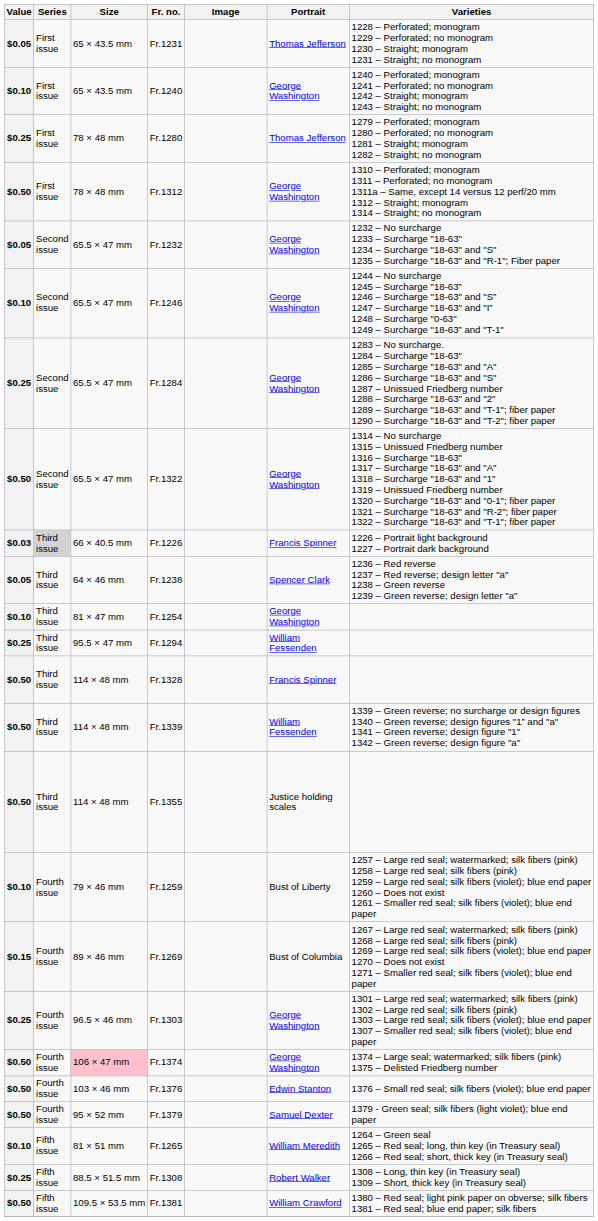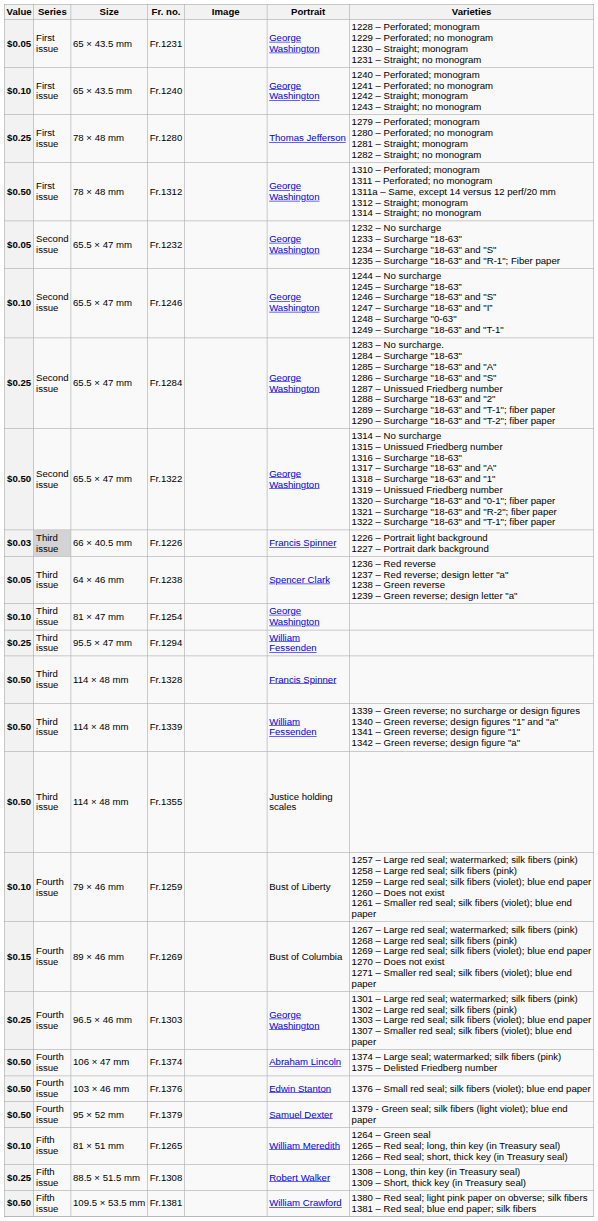 <table class="wikitable sortable">
 <tr>
 <th scope="col" style="width:40px;">Value</th>
 <th scope="col" style="width:40px; ">Series</th>
 <th scope="col" style="width:60px;">Size</th>
 <th scope="col" style="width:40px;">Fr. no.</th>
 <th scope="col" style="width:130px;" class="unsortable">Image</th>
 <th scope="col" style="width:130px;">Portrait</th>
 <th scope="col" style="width:400px;">Varieties</th>
 </tr>
 <tr>
 <th scope="row" data-sort-value="0.05">$0.05</th>
 <td data-sort-value="1862-08-21">First issue</td>
 <td data-sort-value="2827.5">65 × 43.5 mm</td>
 <td>Fr.1231</td>
 <td></td>
-<td data-sort-value="Jefferson1"><a href='#'>Thomas Jefferson</a></td>
+<td data-sort-value="Washington1"><a href='#'>George Washington</a></td>
 <td>1228 – Perforated; monogram<br>1229 – Perforated; no monogram<br>1230 – Straight; monogram<br>1231 – Straight; no monogram</td>
 </tr>
 <tr>
 <th scope="row" data-sort-value="0.10">$0.10</th>
 <td data-sort-value="1862-08-21">First issue</td>
 <td data-sort-value="2827.5">65 × 43.5 mm</td>
 <td>Fr.1240</td>
 <td></td>
 <td data-sort-value="Washington1"><a href='#'>George Washington</a></td>
 <td>1240 – Perforated; monogram<br>1241 – Perforated; no monogram<br>1242 – Straight; monogram<br>1243 – Straight; no monogram</td>
 </tr>
 <tr>
 <th scope="row" data-sort-value="0.25">$0.25</th>
 <td data-sort-value="1862-08-21">First issue</td>
 <td data-sort-value="2947.5">78 × 48 mm</td>
 <td>Fr.1280</td>
 <td></td>
 <td data-sort-value="Jefferson2"><a href='#'>Thomas Jefferson</a></td>
 <td>1279 – Perforated; monogram<br>1280 – Perforated; no monogram<br>1281 – Straight; monogram<br>1282 – Straight; no monogram</td>
 </tr>
 <tr>
 <th scope="row" data-sort-value="0.50">$0.50</th>
 <td data-sort-value="1862-08-21">First issue</td>
 <td data-sort-value="2947.5">78 × 48 mm</td>
 <td>Fr.1312</td>
 <td></td>
 <td data-sort-value="Washington2"><a href='#'>George Washington</a></td>
 <td>1310 – Perforated; monogram<br>1311 – Perforated; no monogram<br>1311a – Same, except 14 versus 12 perf/20 mm<br>1312 – Straight; monogram<br>1314 – Straight; no monogram</td>
 </tr>
 <tr>
 <th scope="row" data-sort-value="0.05">$0.05</th>
 <td data-sort-value="1863-10-10">Second issue</td>
 <td data-sort-value="3078.5">65.5 × 47 mm</td>
 <td>Fr.1232</td>
 <td></td>
 <td data-sort-value="Washington3"><a href='#'>George Washington</a></td>
 <td>1232 – No surcharge<br>1233 – Surcharge "18-63"<br>1234 – Surcharge "18-63" and "S"<br>1235 – Surcharge "18-63" and "R-1"; Fiber paper</td>
 </tr>
 <tr>
 <th scope="row" data-sort-value="0.10">$0.10</th>
 <td data-sort-value="1863-10-10">Second issue</td>
 <td data-sort-value="3078.5">65.5 × 47 mm</td>
 <td>Fr.1246</td>
 <td></td>
 <td data-sort-value="Washington4"><a href='#'>George Washington</a></td>
 <td>1244 – No surcharge<br>1245 – Surcharge "18-63”<br>1246 – Surcharge "18-63" and "S”<br>1247 – Surcharge "18-63" and "I”<br>1248 – Surcharge "0-63"<br>1249 – Surcharge "18-63” and "T-1"</td>
 </tr>
 <tr>
 <th scope="row" data-sort-value="0.25">$0.25</th>
 <td data-sort-value="1863-10-10">Second issue</td>
 <td data-sort-value="3078.5">65.5 × 47 mm</td>
 <td>Fr.1284</td>
 <td></td>
 <td data-sort-value="Washington5"><a href='#'>George Washington</a></td>
 <td>1283 – No surcharge.<br>1284 – Surcharge "18-63"<br>1285 – Surcharge "18-63" and "A"<br>1286 – Surcharge "18-63" and "S"<br>1287 – Unissued Friedberg number<br>1288 – Surcharge "18-63" and "2"<br>1289 – Surcharge "18-63" and "T-1"; fiber paper<br>1290 – Surcharge "18-63" and "T-2"; fiber paper</td>
 </tr>
 <tr>
 <th scope="row" data-sort-value="0.50">$0.50</th>
 <td data-sort-value="1863-10-10">Second issue</td>
 <td data-sort-value="3078.5">65.5 × 47 mm</td>
 <td>Fr.1322</td>
 <td></td>
 <td data-sort-value="Washington6"><a href='#'>George Washington</a></td>
 <td>1314 – No surcharge<br>1315 – Unissued Friedberg number<br>1316 – Surcharge "18-63"<br>1317 – Surcharge "18-63" and "A"<br>1318 – Surcharge "18-63" and "1"<br>1319 – Unissued Friedberg number<br>1320 – Surcharge "18-63" and "0-1"; fiber paper<br>1321 – Surcharge "18-63" and "R-2"; fiber paper<br>1322 – Surcharge "18-63" and "T-1"; fiber paper</td>
 </tr>
 <tr>
 <th scope="row" data-sort-value="0.03">$0.03</th>
 <td data-sort-value="1864-12-05" style="background: lightgrey;">Third issue</td>
 <td data-sort-value="2673">66 × 40.5 mm</td>
 <td>Fr.1226</td>
 <td></td>
 <td data-sort-value="Spinner1"><a href='#'>Francis Spinner</a></td>
 <td>1226 – Portrait light background<br>1227 – Portrait dark background</td>
 </tr>
 <tr>
 <th scope="row" data-sort-value="0.05">$0.05</th>
 <td data-sort-value="1864-12-05">Third issue</td>
 <td data-sort-value="2944">64 × 46 mm</td>
 <td>Fr.1238</td>
 <td></td>
 <td data-sort-value="Clark"><a href='#'>Spencer Clark</a></td>
 <td>1236 – Red reverse<br>1237 – Red reverse; design letter "a"<br>1238 – Green reverse<br>1239 – Green reverse; design letter "a"</td>
 </tr>
 <tr>
 <th scope="row" data-sort-value="0.10">$0.10</th>
 <td data-sort-value="1864-12-05">Third issue</td>
 <td data-sort-value="3807">81 × 47 mm</td>
 <td>Fr.1254</td>
 <td></td>
 <td data-sort-value="Washington8"><a href='#'>George Washington</a></td>
 <td><br></td>
 </tr>
 <tr>
 <th scope="row" data-sort-value="0.25">$0.25</th>
 <td data-sort-value="1864-12-05">Third issue</td>
 <td data-sort-value="4488.5">95.5 × 47 mm</td>
 <td>Fr.1294</td>
 <td></td>
 <td data-sort-value="Fessenden"><a href='#'>William Fessenden</a></td>
 <td><br></td>
 </tr>
 <tr>
 <th scope="row" data-sort-value="0.50">$0.50</th>
 <td data-sort-value="1864-12-05">Third issue</td>
 <td data-sort-value="5472">114 × 48 mm</td>
 <td>Fr.1328</td>
 <td></td>
 <td data-sort-value="Spinner1"><a href='#'>Francis Spinner</a></td>
 <td><br><br><br> <br></td>
 </tr>
 <tr>
 <th scope="row" data-sort-value="0.50">$0.50</th>
 <td data-sort-value="1864-12-05">Third issue</td>
 <td data-sort-value="5472">114 × 48 mm</td>
 <td>Fr.1339</td>
 <td></td>
 <td data-sort-value="Fessenden"><a href='#'>William Fessenden</a></td>
 <td>1339 – Green reverse; no surcharge or design figures<br>1340 – Green reverse; design figures "1” and "a"<br>1341 – Green reverse; design figure "1"<br>1342 – Green reverse; design figure "a"</td>
 </tr>
 <tr>
 <th scope="row" data-sort-value="0.50">$0.50</th>
 <td data-sort-value="1864-12-05">Third issue</td>
 <td data-sort-value="5472">114 × 48 mm</td>
 <td>Fr.1355</td>
 <td></td>
 <td data-sort-value="Justice">Justice holding scales</td>
 <td><br><br><br><br><br><br> <br> <br><br></td>
 </tr>
 <tr>
 <th scope="row" data-sort-value="0.10">$0.10</th>
 <td data-sort-value="1869-07-14">Fourth issue</td>
 <td data-sort-value="3634">79 × 46 mm</td>
 <td>Fr.1259</td>
 <td></td>
 <td data-sort-value="Liberty">Bust of Liberty</td>
 <td>1257 – Large red seal; watermarked; silk fibers (pink)<br>1258 – Large red seal; silk fibers (pink)<br>1259 – Large red seal; silk fibers (violet); blue end paper<br>1260 – Does not exist<br>1261 – Smaller red seal; silk fibers (violet); blue end paper</td>
 </tr>
 <tr>
 <th scope="row" data-sort-value="0.15">$0.15</th>
 <td data-sort-value="1869-07-14">Fourth issue</td>
 <td data-sort-value="4094">89 × 46 mm</td>
 <td>Fr.1269</td>
 <td></td>
 <td data-sort-value="Columbia">Bust of Columbia</td>
 <td>1267 – Large red seal; watermarked; silk fibers (pink)<br>1268 – Large red seal; silk fibers (pink)<br>1269 – Large red seal; silk fibers (violet); blue end paper<br>1270 – Does not exist<br>1271 – Smaller red seal; silk fibers (violet); blue end paper</td>
 </tr>
 <tr>
 <th scope="row" data-sort-value="0.25">$0.25</th>
 <td data-sort-value="1869-07-14">Fourth issue</td>
 <td data-sort-value="4439">96.5 × 46 mm</td>
 <td>Fr.1303</td>
 <td></td>
 <td data-sort-value="Washington9"><a href='#'>George Washington</a></td>
 <td>1301 – Large red seal; watermarked; silk fibers (pink)<br>1302 – Large red seal; silk fibers (pink)<br>1303 – Large red seal; silk fibers (violet); blue end paper<br>1307 – Smaller red seal; silk fibers (violet); blue end paper</td>
 </tr>
 <tr>
 <th scope="row" data-sort-value="0.50">$0.50</th>
 <td data-sort-value="1869-07-14">Fourth issue</td>
-<td data-sort-value="4982" style="background: pink;">106 × 47 mm</td>
+<td data-sort-value="4982">106 × 47 mm</td>
 <td>Fr.1374</td>
 <td></td>
-<td data-sort-value="Washington2"><a href='#'>George Washington</a></td>
+<td data-sort-value="Lincoln"><a href='#'>Abraham Lincoln</a></td>
 <td>1374 – Large seal; watermarked; silk fibers (pink)<br>1375 – Delisted Friedberg number</td>
 </tr>
 <tr>
 <th scope="row" data-sort-value="0.50">$0.50</th>
 <td data-sort-value="1869-07-14">Fourth issue</td>
 <td data-sort-value="4738">103 × 46 mm</td>
 <td>Fr.1376</td>
 <td></td>
 <td data-sort-value="Stanton"><a href='#'>Edwin Stanton</a></td>
 <td>1376 – Small red seal; silk fibers (violet); blue end paper</td>
 </tr>
 <tr>
 <th scope="row" data-sort-value="0.50">$0.50</th>
 <td data-sort-value="1869-07-14">Fourth issue</td>
 <td data-sort-value="4940">95 × 52 mm</td>
 <td>Fr.1379</td>
 <td></td>
 <td data-sort-value="Dexter"><a href='#'>Samuel Dexter</a></td>
 <td>1379 - Green seal; silk fibers (light violet); blue end paper</td>
 </tr>
 <tr>
 <th scope="row" data-sort-value="0.10">$0.10</th>
 <td data-sort-value="1874-02-26">Fifth issue</td>
 <td data-sort-value="4131">81 × 51 mm</td>
 <td>Fr.1265</td>
 <td></td>
 <td data-sort-value="Meredith"><a href='#'>William Meredith</a></td>
 <td>1264 – Green seal<br>1265 – Red seal; long, thin key (in Treasury seal)<br>1266 – Red seal; short, thick key (in Treasury seal)</td>
 </tr>
 <tr>
 <th scope="row" data-sort-value="0.25">$0.25</th>
 <td data-sort-value="1874-02-26">Fifth issue</td>
 <td data-sort-value="4557.75">88.5 × 51.5 mm</td>
 <td>Fr.1308</td>
 <td></td>
 <td data-sort-value="Walker"><a href='#'>Robert Walker</a></td>
 <td>1308 – Long, thin key (in Treasury seal)<br>1309 – Short, thick key (in Treasury seal)</td>
 </tr>
 <tr>
 <th scope="row" data-sort-value="0.50">$0.50</th>
 <td data-sort-value="1874-02-26">Fifth issue</td>
 <td data-sort-value="5858.25">109.5 × 53.5 mm</td>
 <td>Fr.1381</td>
 <td></td>
 <td data-sort-value="Crawford"><a href='#'>William Crawford</a></td>
 <td>1380 – Red seal; light pink paper on obverse; silk fibers<br>1381 – Red seal; blue end paper; silk fibers</td>
 </tr>
 <tr>
 </tr>
 </table>
